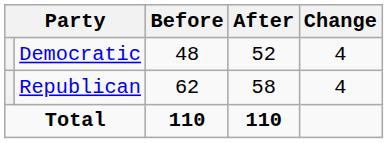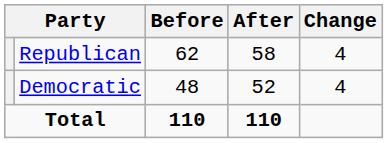 <table class="wikitable" style="text-align:center;">
 <tr>
 <th colspan="2">Party</th>
 <th>Before</th>
 <th>After</th>
 <th>Change</th>
 </tr>
 <tr>
 <th style="background-color:"></th>
-<td style="text-align:left;"><a href='#'>Democratic</a></td>
-<td>48</td>
-<td>52</td>
+<td style="text-align:left;"><a href='#'>Republican</a></td>
+<td>62</td>
+<td>58</td>
 <td> 4</td>
 </tr>
 <tr>
 <th style="background-color:"></th>
-<td style="text-align:left;"><a href='#'>Republican</a></td>
-<td>62</td>
-<td>58</td>
+<td style="text-align:left;"><a href='#'>Democratic</a></td>
+<td>48</td>
+<td>52</td>
 <td> 4</td>
 </tr>
 <tr>
 <td colspan="2"><strong>Total</strong></td>
 <td><strong>110</strong></td>
 <td><strong>110</strong></td>
 <td></td>
 </tr>
 </table>
